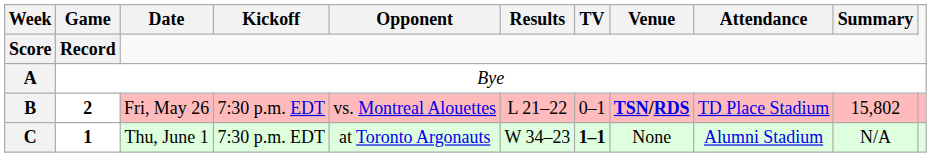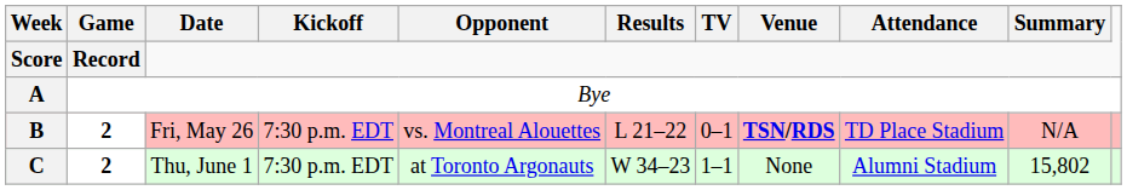 <table class="wikitable" style="font-size: 95%;">
 <tr>
 <th scope="col">Week</th>
 <th scope="col">Game</th>
 <th scope="col">Date</th>
 <th scope="col">Kickoff</th>
 <th scope="col">Opponent</th>
 <th scope="col">Results</th>
 <th scope="col">TV</th>
 <th scope="col">Venue</th>
 <th scope="col">Attendance</th>
 <th scope="col">Summary</th>
 </tr>
 <tr>
 <th scope="col">Score</th>
 <th scope="col">Record</th>
 </tr>
 <tr align="center" bgcolor="#ffffff">
 <th align="center"><strong>A</strong></th>
 <td colspan=10 align="center" valign="middle"><em>Bye</em></td>
 </tr>
 <tr align="center" bgcolor="#ffbbbb">
 <th align="center"><strong>B</strong></th>
 <th style="text-align:center; background:white;"><span>2</span></th>
 <td align="center">Fri, May 26</td>
 <td align="center">7:30 p.m. <a href='#'>EDT</a></td>
 <td align="center">vs. <a href='#'>Montreal Alouettes</a></td>
 <td align="center">L 21–22</td>
 <td align="center">0–1</td>
 <td align="center"><strong><a href='#'>TSN</a>/<a href='#'>RDS</a></strong></td>
 <td align="center"><a href='#'>TD Place Stadium</a></td>
-<td align="center">15,802</td>
+<td align="center">N/A</td>
 <td align="center"></td>
 </tr>
 <tr align="center" bgcolor="#ddffdd">
 <th align="center"><strong>C</strong></th>
-<th style="text-align:center; background:white;"><span>1</span></th>
+<th style="text-align:center; background:white;"><span>2</span></th>
 <td align="center">Thu, June 1</td>
 <td align="center">7:30 p.m. EDT</td>
 <td align="center">at <a href='#'>Toronto Argonauts</a></td>
 <td align="center">W 34–23</td>
-<td align="center"><strong>1–1</strong></td>
+<td align="center">1–1</td>
 <td align="center">None</td>
 <td align="center"><a href='#'>Alumni Stadium</a></td>
-<td align="center">N/A</td>
+<td align="center">15,802</td>
 <td align="center"></td>
 </tr>
 </table>
